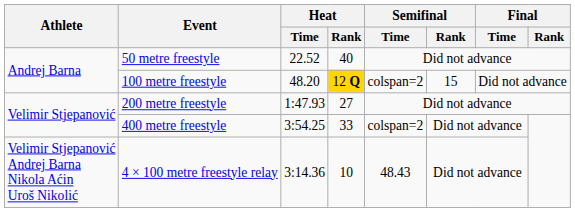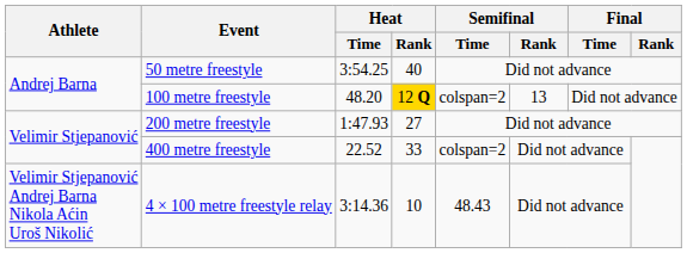 <table class="wikitable" style="text-align:center; font-size:90%">
 <tr>
 <th rowspan="2">Athlete</th>
 <th rowspan="2">Event</th>
 <th colspan="2">Heat</th>
 <th colspan="2">Semifinal</th>
 <th colspan="2">Final</th>
 </tr>
 <tr style="font-size:95%">
 <th>Time</th>
 <th>Rank</th>
 <th>Time</th>
 <th>Rank</th>
 <th>Time</th>
 <th>Rank</th>
 </tr>
 <tr>
 <td align=left rowspan=2><a href='#'>Andrej Barna</a></td>
 <td align=left><a href='#'>50 metre freestyle</a></td>
-<td>22.52</td>
+<td>3:54.25</td>
 <td>40</td>
 <td colspan=4>Did not advance</td>
 </tr>
 <tr>
 <td align=left><a href='#'>100 metre freestyle</a></td>
 <td>48.20</td>
 <td style="background: gold;">12 <strong>Q</strong></td>
 <td>colspan=2 </td>
-<td>15</td>
+<td>13</td>
 <td colspan=2>Did not advance</td>
 </tr>
 <tr>
 <td align=left rowspan=2><a href='#'>Velimir Stjepanović</a></td>
 <td align=left><a href='#'>200 metre freestyle</a></td>
 <td>1:47.93</td>
 <td>27</td>
 <td colspan=4>Did not advance</td>
 </tr>
 <tr>
 <td align=left><a href='#'>400 metre freestyle</a></td>
-<td>3:54.25</td>
+<td>22.52</td>
 <td>33</td>
 <td>colspan=2 </td>
 <td colspan=2>Did not advance</td>
 </tr>
 <tr>
 <td align=left><a href='#'>Velimir Stjepanović</a><br><a href='#'>Andrej Barna</a><br><a href='#'>Nikola Aćin</a><br><a href='#'>Uroš Nikolić</a></td>
 <td align=left><a href='#'>4 × 100 metre freestyle relay</a></td>
 <td>3:14.36</td>
 <td>10</td>
 <td>48.43</td>
 <td colspan=2>Did not advance</td>
 </tr>
 </table>
